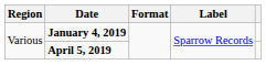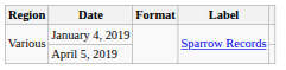 <table class="wikitable plainrowheaders">
 <tr>
 <th scope="col">Region</th>
 <th scope="col">Date</th>
 <th scope="col">Format</th>
 <th scope="col">Label</th>
 <th scope="col"></th>
 </tr>
 <tr>
 <td rowspan="2">Various</td>
-<td><strong>January 4, 2019</strong></td>
+<td>January 4, 2019</td>
 <td rowspan="2"></td>
 <td rowspan="2"><a href='#'>Sparrow Records</a></td>
 <td></td>
 </tr>
 <tr>
-<td><strong>April 5, 2019<br></strong></td>
+<td>April 5, 2019<br></td>
 <td></td>
 </tr>
 </table>
